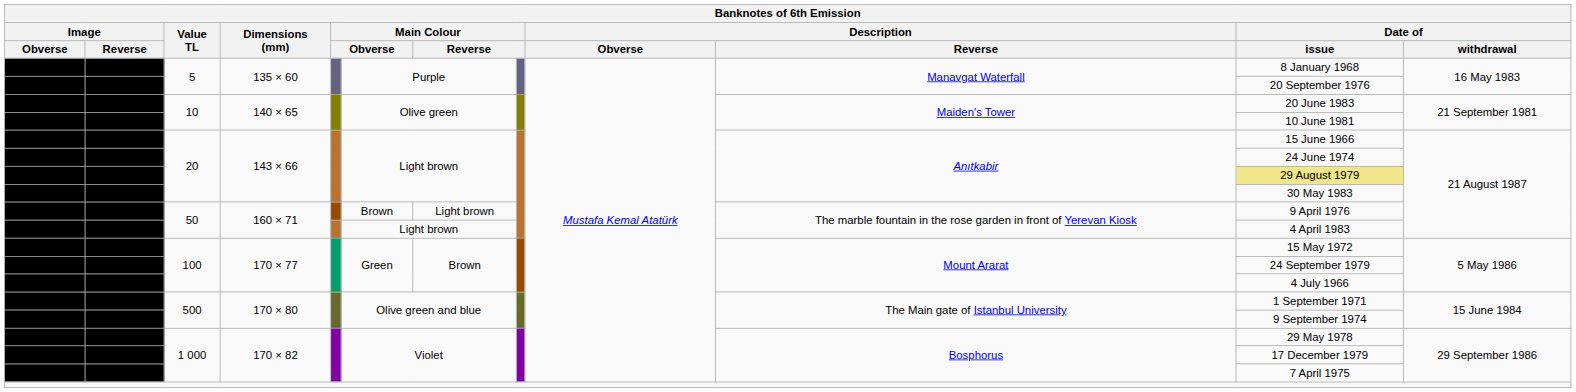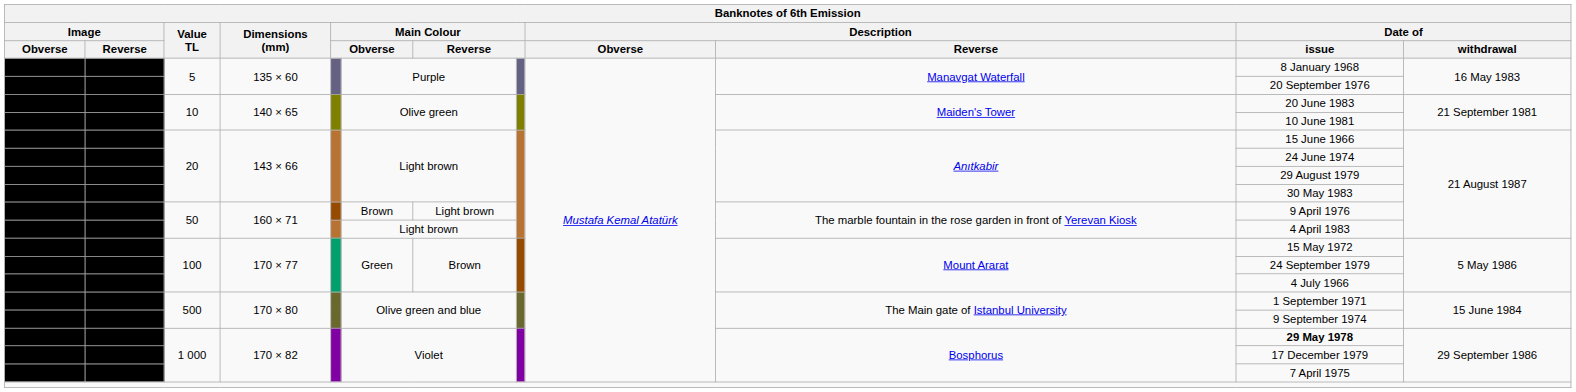 <table class="wikitable collapsible autocollapse" style="font-size: 90%; width: 100%">
 <tr>
 <th colspan="14" style="text-align: center">Banknotes of 6th Emission </th>
 </tr>
 <tr style="text-align: center">
 <th colspan="2">Image</th>
 <th rowspan="2">Value<br>TL</th>
 <th rowspan="2">Dimensions<br>(mm)</th>
 <th colspan="4">Main Colour</th>
 <th colspan="2">Description</th>
 <th colspan="2">Date of</th>
 </tr>
 <tr>
 <th>Obverse</th>
 <th>Reverse</th>
 <th colspan="2">Obverse</th>
 <th colspan="2">Reverse</th>
 <th>Obverse</th>
 <th>Reverse</th>
 <th>issue</th>
 <th>withdrawal</th>
 </tr>
 <tr style="text-align:center;">
 <td style="background:#000;"></td>
 <td style="background:#000;"></td>
 <td rowspan="2">5</td>
 <td rowspan="2">135 × 60</td>
 <td style="background:#656182;" rowspan="2"></td>
 <td rowspan="2" colspan="2">Purple</td>
 <td style="background:#656182;" rowspan="2"></td>
 <td rowspan="18"><em><a href='#'>Mustafa Kemal Atatürk</a></em></td>
 <td rowspan="2"><a href='#'>Manavgat Waterfall</a></td>
 <td>8 January 1968</td>
 <td rowspan="2">16 May 1983</td>
 </tr>
 <tr style="text-align:center;">
 <td style="background:#000;"></td>
 <td style="background:#000;"></td>
 <td>20 September 1976</td>
 </tr>
 <tr style="text-align:center;">
 <td style="background:#000;"></td>
 <td style="background:#000;"></td>
 <td rowspan="2">10</td>
 <td rowspan="2">140 × 65</td>
 <td style="background:#808000;" rowspan="2"></td>
 <td rowspan="2" colspan="2">Olive green</td>
 <td style="background:#808000;" rowspan="2"></td>
 <td rowspan="2"><a href='#'>Maiden's Tower</a></td>
 <td>20 June 1983</td>
 <td rowspan="2">21 September 1981</td>
 </tr>
 <tr style="text-align:center;">
 <td style="background:#000;"></td>
 <td style="background:#000;"></td>
 <td>10 June 1981</td>
 </tr>
 <tr style="text-align:center;">
 <td style="background:#000;"></td>
 <td style="background:#000;"></td>
 <td rowspan="4">20</td>
 <td rowspan="4">143 × 66</td>
 <td style="background:#b87333;" rowspan="4"></td>
 <td rowspan="4" colspan="2">Light brown</td>
 <td style="background:#b87333;" rowspan="6"></td>
 <td rowspan="4"><em><a href='#'>Anıtkabir</a></em></td>
 <td>15 June 1966</td>
 <td rowspan="6">21 August 1987</td>
 </tr>
 <tr style="text-align:center;">
 <td style="background:#000;"></td>
 <td style="background:#000;"></td>
 <td>24 June 1974</td>
 </tr>
 <tr style="text-align:center;">
 <td style="background:#000;"></td>
 <td style="background:#000;"></td>
-<td style="background: khaki;">29 August 1979</td>
+<td>29 August 1979</td>
 </tr>
 <tr style="text-align:center;">
 <td style="background:#000;"></td>
 <td style="background:#000;"></td>
 <td>30 May 1983</td>
 </tr>
 <tr style="text-align:center;">
 <td style="background:#000;"></td>
 <td style="background:#000;"></td>
 <td rowspan="2">50</td>
 <td rowspan="2">160 × 71</td>
 <td style="background:#964b00;"></td>
 <td>Brown</td>
 <td>Light brown</td>
 <td rowspan="2">The marble fountain in the rose garden in front of <a href='#'>Yerevan Kiosk</a></td>
 <td>9 April 1976</td>
 </tr>
 <tr style="text-align:center;">
 <td style="background:#000;"></td>
 <td style="background:#000;"></td>
 <td style="background:#b87333;"></td>
 <td colspan="2">Light brown</td>
 <td>4 April 1983</td>
 </tr>
 <tr style="text-align:center;">
 <td style="background:#000;"></td>
 <td style="background:#000;"></td>
 <td rowspan="3">100</td>
 <td rowspan="3">170 × 77</td>
 <td style="background:#009f6b;" rowspan="3"></td>
 <td rowspan="3">Green</td>
 <td rowspan="3">Brown</td>
 <td style="background:#964b00;" rowspan="3"></td>
 <td rowspan="3"><a href='#'>Mount Ararat</a></td>
 <td>15 May 1972</td>
 <td rowspan="3">5 May 1986</td>
 </tr>
 <tr style="text-align:center;">
 <td style="background:#000;"></td>
 <td style="background:#000;"></td>
 <td>24 September 1979</td>
 </tr>
 <tr style="text-align:center;">
 <td style="background:#000;"></td>
 <td style="background:#000;"></td>
 <td>4 July 1966</td>
 </tr>
 <tr style="text-align:center;">
 <td style="background:#000;"></td>
 <td style="background:#000;"></td>
 <td rowspan="2">500</td>
 <td rowspan="2">170 × 80</td>
 <td style="background:#69692e;" rowspan="2"></td>
 <td colspan="2" rowspan="2">Olive green and blue</td>
 <td style="background:#69692e;" rowspan="2"></td>
 <td rowspan="2">The Main gate of <a href='#'>Istanbul University</a></td>
 <td>1 September 1971</td>
 <td rowspan="2">15 June 1984</td>
 </tr>
 <tr style="text-align:center;">
 <td style="background:#000;"></td>
 <td style="background:#000;"></td>
 <td>9 September 1974</td>
 </tr>
 <tr style="text-align:center;">
 <td style="background:#000;"></td>
 <td style="background:#000;"></td>
 <td rowspan="3">1 000</td>
 <td rowspan="3">170 × 82</td>
 <td style="background:#8000a3;" rowspan="3"></td>
 <td colspan="2" rowspan="3">Violet</td>
 <td style="background:#8000a3;" rowspan="3"></td>
 <td rowspan="3"><a href='#'>Bosphorus</a></td>
-<td>29 May 1978</td>
+<td><strong>29 May 1978</strong></td>
 <td rowspan="3">29 September 1986</td>
 </tr>
 <tr style="text-align:center;">
 <td style="background:#000;"></td>
 <td style="background:#000;"></td>
 <td>17 December 1979</td>
 </tr>
 <tr style="text-align:center;">
 <td style="background:#000;"></td>
 <td style="background:#000;"></td>
 <td>7 April 1975</td>
 </tr>
 <tr>
 <td colspan="14"></td>
 </tr>
 </table>
